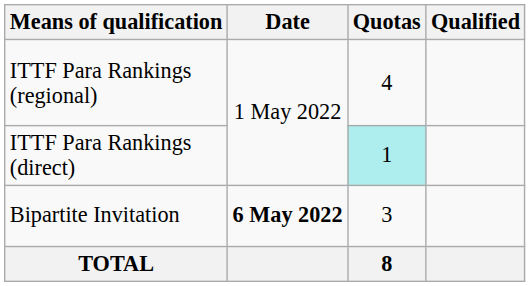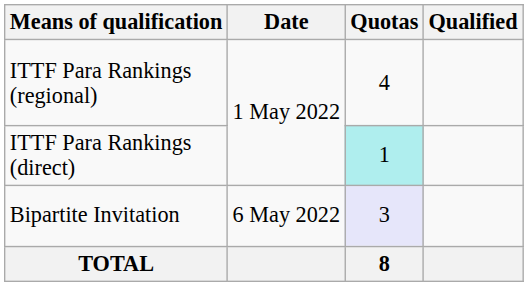 <table class="wikitable">
 <tr>
 <th>Means of qualification</th>
 <th>Date</th>
 <th>Quotas</th>
 <th>Qualified</th>
 </tr>
 <tr>
 <td>ITTF Para Rankings<br>(regional)</td>
 <td rowspan="2" align=center>1 May 2022</td>
 <td align=center>4</td>
 <td><br><br><br></td>
 </tr>
 <tr>
 <td>ITTF Para Rankings<br>(direct)</td>
 <td align=center style="background: paleturquoise;">1</td>
 <td></td>
 </tr>
 <tr>
 <td>Bipartite Invitation</td>
-<td align=center><strong>6 May 2022</strong></td>
-<td align=center>3</td>
+<td align=center>6 May 2022</td>
+<td align=center style="background: lavender;">3</td>
 <td><br><br></td>
 </tr>
 <tr>
 <th>TOTAL</th>
 <th></th>
 <th>8</th>
 <th></th>
 </tr>
 </table>
